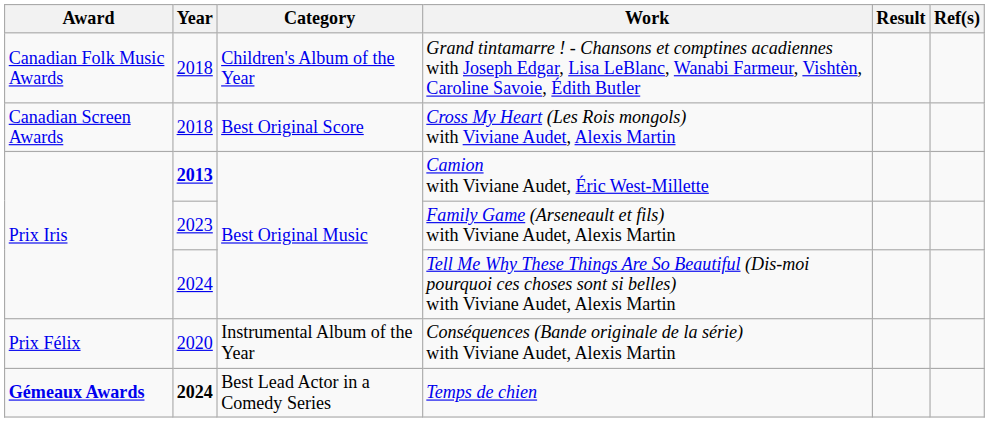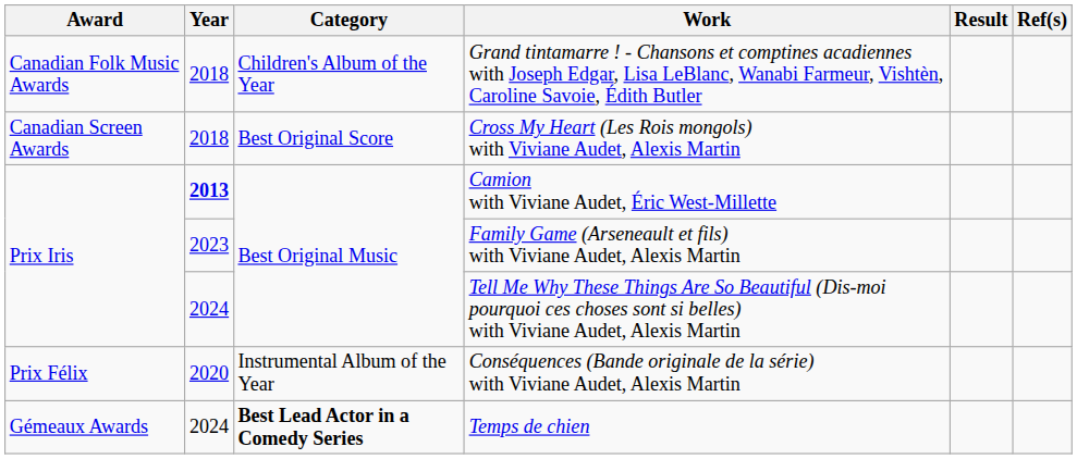 <table class="wikitable plainrowheaders sortable">
 <tr>
 <th>Award</th>
 <th>Year</th>
 <th>Category</th>
 <th>Work</th>
 <th>Result</th>
 <th>Ref(s)</th>
 </tr>
 <tr>
 <td><a href='#'>Canadian Folk Music Awards</a></td>
 <td><a href='#'>2018</a></td>
 <td><a href='#'>Children's Album of the Year</a></td>
 <td><em>Grand tintamarre ! - Chansons et comptines acadiennes</em><br>with <a href='#'>Joseph Edgar</a>, <a href='#'>Lisa LeBlanc</a>, <a href='#'>Wanabi Farmeur</a>, <a href='#'>Vishtèn</a>, <a href='#'>Caroline Savoie</a>, <a href='#'>Édith Butler</a></td>
 <td></td>
 <td></td>
 </tr>
 <tr>
 <td><a href='#'>Canadian Screen Awards</a></td>
 <td><a href='#'>2018</a></td>
 <td><a href='#'>Best Original Score</a></td>
 <td><em><a href='#'>Cross My Heart</a> (Les Rois mongols)</em><br>with <a href='#'>Viviane Audet</a>, <a href='#'>Alexis Martin</a></td>
 <td></td>
 <td></td>
 </tr>
 <tr>
 <td rowspan=3><a href='#'>Prix Iris</a></td>
 <td><strong><a href='#'>2013</a></strong></td>
 <td rowspan=3><a href='#'>Best Original Music</a></td>
 <td><em><a href='#'>Camion</a></em><br>with Viviane Audet, <a href='#'>Éric West-Millette</a></td>
 <td></td>
 <td></td>
 </tr>
 <tr>
 <td><a href='#'>2023</a></td>
 <td><em><a href='#'>Family Game</a> (Arseneault et fils)</em><br>with Viviane Audet, Alexis Martin</td>
 <td></td>
 <td></td>
 </tr>
 <tr>
 <td><a href='#'>2024</a></td>
 <td><em><a href='#'>Tell Me Why These Things Are So Beautiful</a> (Dis-moi pourquoi ces choses sont si belles)</em><br>with Viviane Audet, Alexis Martin</td>
 <td></td>
 <td></td>
 </tr>
 <tr>
 <td><a href='#'>Prix Félix</a></td>
 <td><a href='#'>2020</a></td>
 <td>Instrumental Album of the Year</td>
 <td><em>Conséquences (Bande originale de la série)</em><br>with Viviane Audet, Alexis Martin</td>
 <td></td>
 <td></td>
 </tr>
 <tr>
-<td><strong><a href='#'>Gémeaux Awards</a></strong></td>
-<td><strong>2024</strong></td>
-<td>Best Lead Actor in a Comedy Series</td>
+<td><a href='#'>Gémeaux Awards</a></td>
+<td>2024</td>
+<td><strong>Best Lead Actor in a Comedy Series</strong></td>
 <td><em><a href='#'>Temps de chien</a></em></td>
 <td></td>
 <td></td>
 </tr>
 </table>
